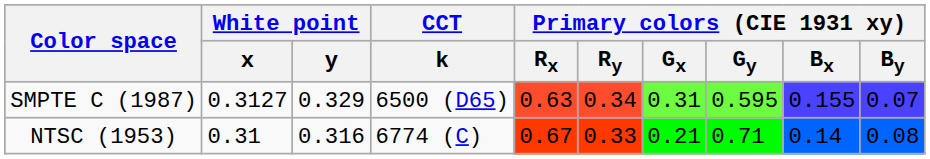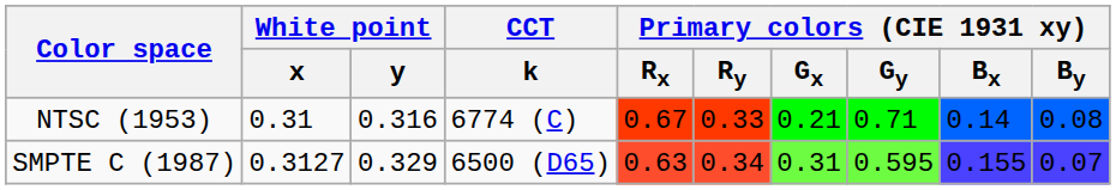 <table class="wikitable">
 <tr>
 <th rowspan="2"><a href='#'>Color space</a></th>
 <th colspan="2"><a href='#'>White point</a></th>
 <th><a href='#'>CCT</a></th>
 <th colspan="6"><a href='#'>Primary colors</a> (CIE 1931 xy)</th>
 </tr>
 <tr>
 <th>x</th>
 <th>y</th>
 <th>k</th>
 <th>R<sub>x</sub></th>
 <th>R<sub>y</sub></th>
 <th>G<sub>x</sub></th>
 <th>G<sub>y</sub></th>
 <th>B<sub>x</sub></th>
 <th>B<sub>y</sub></th>
 </tr>
 <tr>
+<td align="center">NTSC (1953)</td>
+<td style="background:#">0.31</td>
+<td style="background:#">0.316</td>
+<td style="background:#">6774 (<a href='#'>C</a>)</td>
+<td style="background-color: color(rec2020 0.96 0.349 0.0);">0.67</td>
+<td style="background-color: color(rec2020 0.96 0.349 0.0);">0.33</td>
+<td style="background-color: color(rec2020 0.308 0.933 0.255);">0.21</td>
+<td style="background-color: color(rec2020 0.308 0.933 0.255);">0.71</td>
+<td style="background-color: color(rec2020 0.187 0.333 0.985);">0.14</td>
+<td style="background-color: color(rec2020 0.187 0.333 0.985);">0.08</td>
+</tr>
+<tr>
 <td align="center">SMPTE C (1987)</td>
 <td style="background:#">0.3127</td>
 <td style="background:#">0.329</td>
 <td style="background:#">6500 (<a href='#'>D65</a>)</td>
 <td style="background-color: color(rec2020 0.806 0.351 0.176);">0.63</td>
 <td style="background-color: color(rec2020 0.806 0.351 0.176);">0.34</td>
 <td style="background-color: color(rec2020 0.645 0.953 0.352);">0.31</td>
 <td style="background-color: color(rec2020 0.645 0.953 0.352);">0.595</td>
 <td style="background-color: color(rec2020 0.299 0.224 0.957);">0.155</td>
 <td style="background-color: color(rec2020 0.299 0.224 0.957);">0.07</td>
 </tr>
-<tr>
-<td align="center">NTSC (1953)</td>
-<td style="background:#">0.31</td>
-<td style="background:#">0.316</td>
-<td style="background:#">6774 (<a href='#'>C</a>)</td>
-<td style="background-color: color(rec2020 0.96 0.349 0.0);">0.67</td>
-<td style="background-color: color(rec2020 0.96 0.349 0.0);">0.33</td>
-<td style="background-color: color(rec2020 0.308 0.933 0.255);">0.21</td>
-<td style="background-color: color(rec2020 0.308 0.933 0.255);">0.71</td>
-<td style="background-color: color(rec2020 0.187 0.333 0.985);">0.14</td>
-<td style="background-color: color(rec2020 0.187 0.333 0.985);">0.08</td>
-</tr>
 </table>
